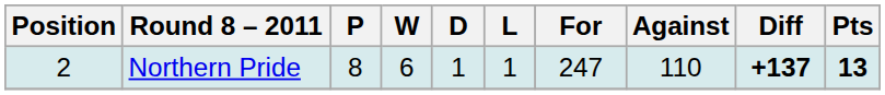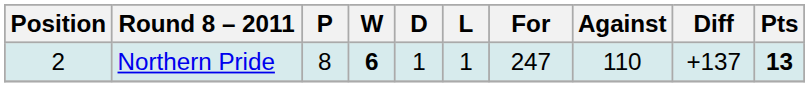 <table class="wikitable" style="text-align:center; font-size:85%;">
 <tr>
 <th width=40 abbr="Position">Position</th>
 <th width=100>Round 8 – 2011</th>
 <th width=20 abbr="Played">P</th>
 <th width=20 abbr="Won">W</th>
 <th width=20 abbr="Drawn">D</th>
 <th width=20 abbr="Lost">L</th>
 <th width=40 abbr="Points for">For</th>
 <th width=40 abbr="Points against">Against</th>
 <th width=40 abbr="Points difference">Diff</th>
 <th width=20 abbr="Points">Pts</th>
 </tr>
 <tr style="background: #d7ebed;">
 <td>2</td>
 <td style="text-align:left;"> <a href='#'>Northern Pride</a></td>
 <td>8</td>
-<td>6</td>
+<td><strong>6</strong></td>
 <td>1</td>
 <td>1</td>
 <td>247</td>
 <td>110</td>
-<td><strong>+137</strong></td>
+<td>+137</td>
 <td><strong>13</strong></td>
 </tr>
 <tr>
 </tr>
 </table>
